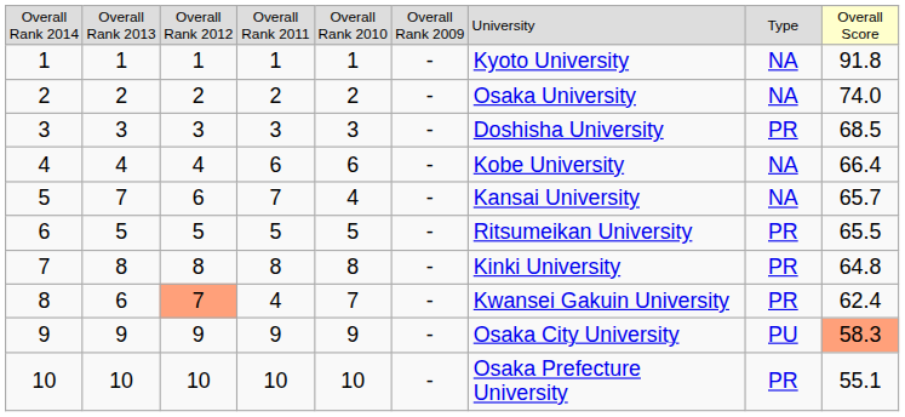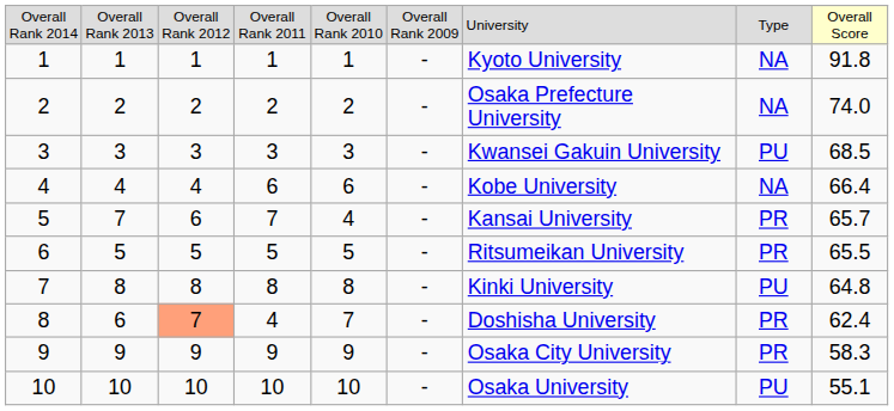 <table class="wikitable sortable">
 <tr style="background:#efefef;">
 <td style="font-size:8pt; width:50px; text-align:center; background:#ddd;">Overall Rank 2014</td>
 <td style="font-size:8pt; width:50px; text-align:center; background:#ddd;">Overall Rank 2013</td>
 <td style="font-size:8pt; width:50px; text-align:center; background:#ddd;">Overall Rank 2012</td>
 <td style="font-size:8pt; width:50px; text-align:center; background:#ddd;">Overall Rank 2011</td>
 <td style="font-size:8pt; width:50px; text-align:center; background:#ddd;">Overall Rank 2010</td>
 <td style="font-size:8pt; width:50px; text-align:center; background:#ddd;">Overall Rank 2009</td>
 <td style="font-size:8pt; width:200px; text-align:left; background:#ddd;">University</td>
 <td style="font-size:8pt; width:50px; text-align:center; background:#ddd;">Type</td>
 <td style="font-size:8pt; width:50px; text-align:center; background:#ffc;">Overall Score</td>
 </tr>
 <tr>
 <td style="width:50px; text-align:center;">1</td>
 <td style="width:50px; text-align:center;">1</td>
 <td style="width:50px; text-align:center;">1</td>
 <td style="width:50px; text-align:center;">1</td>
 <td style="width:50px; text-align:center;">1</td>
 <td style="width:50px; text-align:center;">-</td>
 <td style="width:50px;  text-align:left;"><a href='#'>Kyoto University</a></td>
 <td style="width:50px; text-align:center;"><a href='#'>NA</a></td>
 <td style="width:50px; text-align:center;">91.8</td>
 </tr>
 <tr>
 <td style="width:50px; text-align:center;">2</td>
 <td style="width:50px; text-align:center;">2</td>
 <td style="width:50px; text-align:center;">2</td>
 <td style="width:50px; text-align:center;">2</td>
 <td style="width:50px; text-align:center;">2</td>
 <td style="width:50px; text-align:center;">-</td>
-<td style="width:50px;  text-align:left;"><a href='#'>Osaka University</a></td>
+<td style="width:50px;  text-align:left;"><a href='#'>Osaka Prefecture University</a></td>
 <td style="width:50px; text-align:center;"><a href='#'>NA</a></td>
 <td style="width:50px; text-align:center;">74.0</td>
 </tr>
 <tr>
 <td style="width:50px; text-align:center;">3</td>
 <td style="width:50px; text-align:center;">3</td>
 <td style="width:50px; text-align:center;">3</td>
 <td style="width:50px; text-align:center;">3</td>
 <td style="width:50px; text-align:center;">3</td>
 <td style="width:50px; text-align:center;">-</td>
-<td style="width:50px;  text-align:left;"><a href='#'>Doshisha University</a></td>
-<td style="width:50px; text-align:center;"><a href='#'>PR</a></td>
+<td style="width:50px;  text-align:left;"><a href='#'>Kwansei Gakuin University</a></td>
+<td style="width:50px; text-align:center;"><a href='#'>PU</a></td>
 <td style="width:50px; text-align:center;">68.5</td>
 </tr>
 <tr>
 <td style="width:50px; text-align:center;">4</td>
 <td style="width:50px; text-align:center;">4</td>
 <td style="width:50px; text-align:center;">4</td>
 <td style="width:50px; text-align:center;">6</td>
 <td style="width:50px; text-align:center;">6</td>
 <td style="width:50px; text-align:center;">-</td>
 <td style="width:50px;  text-align:left;"><a href='#'>Kobe University</a></td>
 <td style="width:50px; text-align:center;"><a href='#'>NA</a></td>
 <td style="width:50px; text-align:center;">66.4</td>
 </tr>
 <tr>
 <td style="width:50px; text-align:center;">5</td>
 <td style="width:50px; text-align:center;">7</td>
 <td style="width:50px; text-align:center;">6</td>
 <td style="width:50px; text-align:center;">7</td>
 <td style="width:50px; text-align:center;">4</td>
 <td style="width:50px; text-align:center;">-</td>
 <td style="width:50px;  text-align:left;"><a href='#'>Kansai University</a></td>
-<td style="width:50px; text-align:center;"><a href='#'>NA</a></td>
+<td style="width:50px; text-align:center;"><a href='#'>PR</a></td>
 <td style="width:50px; text-align:center;">65.7</td>
 </tr>
 <tr>
 <td style="width:50px; text-align:center;">6</td>
 <td style="width:50px; text-align:center;">5</td>
 <td style="width:50px; text-align:center;">5</td>
 <td style="width:50px; text-align:center;">5</td>
 <td style="width:50px; text-align:center;">5</td>
 <td style="width:50px; text-align:center;">-</td>
 <td style="width:50px;  text-align:left;"><a href='#'>Ritsumeikan University</a></td>
 <td style="width:50px; text-align:center;"><a href='#'>PR</a></td>
 <td style="width:50px; text-align:center;">65.5</td>
 </tr>
 <tr>
 <td style="width:50px; text-align:center;">7</td>
 <td style="width:50px; text-align:center;">8</td>
 <td style="width:50px; text-align:center;">8</td>
 <td style="width:50px; text-align:center;">8</td>
 <td style="width:50px; text-align:center;">8</td>
 <td style="width:50px; text-align:center;">-</td>
 <td style="width:50px;  text-align:left;"><a href='#'>Kinki University</a></td>
-<td style="width:50px; text-align:center;"><a href='#'>PR</a></td>
+<td style="width:50px; text-align:center;"><a href='#'>PU</a></td>
 <td style="width:50px; text-align:center;">64.8</td>
 </tr>
 <tr>
 <td style="width:50px; text-align:center;">8</td>
 <td style="width:50px; text-align:center;">6</td>
 <td style="background: lightsalmon; width:50px; text-align:center;">7</td>
 <td style="width:50px; text-align:center;">4</td>
 <td style="width:50px; text-align:center;">7</td>
 <td style="width:50px; text-align:center;">-</td>
-<td style="width:50px;  text-align:left;"><a href='#'>Kwansei Gakuin University</a></td>
+<td style="width:50px;  text-align:left;"><a href='#'>Doshisha University</a></td>
 <td style="width:50px; text-align:center;"><a href='#'>PR</a></td>
 <td style="width:50px; text-align:center;">62.4</td>
 </tr>
 <tr>
 <td style="width:50px; text-align:center;">9</td>
 <td style="width:50px; text-align:center;">9</td>
 <td style="width:50px; text-align:center;">9</td>
 <td style="width:50px; text-align:center;">9</td>
 <td style="width:50px; text-align:center;">9</td>
 <td style="width:50px; text-align:center;">-</td>
 <td style="width:50px;  text-align:left;"><a href='#'>Osaka City University</a></td>
-<td style="width:50px; text-align:center;"><a href='#'>PU</a></td>
-<td style="background: lightsalmon; width:50px; text-align:center;">58.3</td>
+<td style="width:50px; text-align:center;"><a href='#'>PR</a></td>
+<td style="width:50px; text-align:center;">58.3</td>
 </tr>
 <tr>
 <td style="width:50px; text-align:center;">10</td>
 <td style="width:50px; text-align:center;">10</td>
 <td style="width:50px; text-align:center;">10</td>
 <td style="width:50px; text-align:center;">10</td>
 <td style="width:50px; text-align:center;">10</td>
 <td style="width:50px; text-align:center;">-</td>
-<td style="width:50px;  text-align:left;"><a href='#'>Osaka Prefecture University</a></td>
-<td style="width:50px; text-align:center;"><a href='#'>PR</a></td>
+<td style="width:50px;  text-align:left;"><a href='#'>Osaka University</a></td>
+<td style="width:50px; text-align:center;"><a href='#'>PU</a></td>
 <td style="width:50px; text-align:center;">55.1</td>
 </tr>
 </table>
